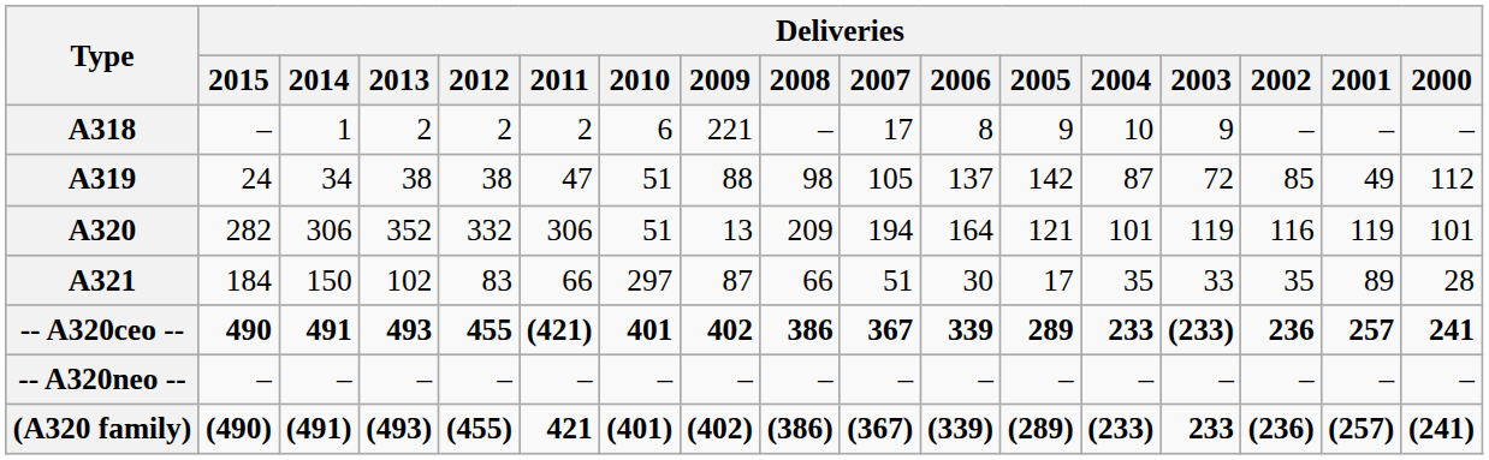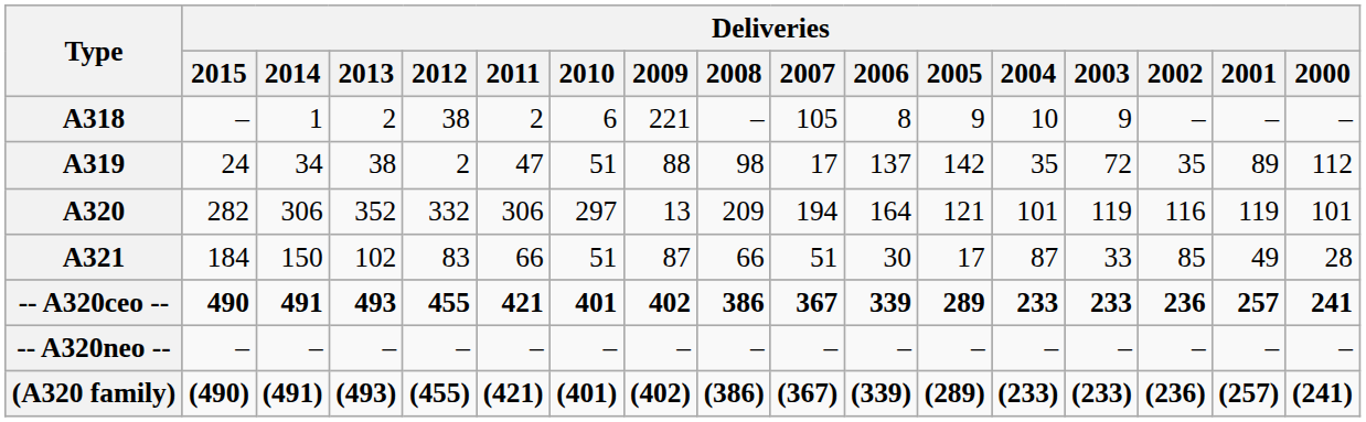 <table class="wikitable" style="text-align:right; font-size:96%;">
 <tr>
 <th rowspan=2>Type</th>
 <th colspan="35">Deliveries</th>
 </tr>
 <tr>
 <th>2015</th>
 <th>2014</th>
 <th>2013</th>
 <th>2012</th>
 <th>2011</th>
 <th>2010</th>
 <th>2009</th>
 <th>2008</th>
 <th>2007</th>
 <th>2006</th>
 <th>2005</th>
 <th>2004</th>
 <th>2003</th>
 <th>2002</th>
 <th>2001</th>
 <th>2000</th>
 </tr>
 <tr>
 <th>A318</th>
 <td>–</td>
 <td>1</td>
 <td>2</td>
-<td>2</td>
+<td>38</td>
 <td>2</td>
 <td>6</td>
 <td>221</td>
 <td>–</td>
-<td>17</td>
+<td>105</td>
 <td>8</td>
 <td>9</td>
 <td>10</td>
 <td>9</td>
 <td>–</td>
 <td>–</td>
 <td –>–</td>
 </tr>
 <tr>
 <th>A319</th>
 <td>24</td>
 <td>34</td>
 <td>38</td>
-<td>38</td>
+<td>2</td>
 <td>47</td>
 <td>51</td>
 <td>88</td>
 <td>98</td>
-<td>105</td>
+<td>17</td>
 <td>137</td>
 <td>142</td>
-<td>87</td>
+<td>35</td>
 <td>72</td>
-<td>85</td>
-<td>49</td>
+<td>35</td>
+<td>89</td>
 <td>112</td>
 </tr>
 <tr>
 <th>A320</th>
 <td>282</td>
 <td>306</td>
 <td>352</td>
 <td>332</td>
 <td>306</td>
-<td>51</td>
+<td>297</td>
 <td>13</td>
 <td>209</td>
 <td>194</td>
 <td>164</td>
 <td>121</td>
 <td>101</td>
 <td>119</td>
 <td>116</td>
 <td>119</td>
 <td>101</td>
 </tr>
 <tr>
 <th>A321</th>
 <td>184</td>
 <td>150</td>
 <td>102</td>
 <td>83</td>
 <td>66</td>
-<td>297</td>
+<td>51</td>
 <td>87</td>
 <td>66</td>
 <td>51</td>
 <td>30</td>
 <td>17</td>
-<td>35</td>
+<td>87</td>
 <td>33</td>
-<td>35</td>
-<td>89</td>
+<td>85</td>
+<td>49</td>
 <td>28</td>
 </tr>
 <tr>
 <th>-- A320ceo --</th>
 <td><strong>490</strong></td>
 <td><strong>491</strong></td>
 <td><strong>493</strong></td>
 <td><strong>455</strong></td>
-<td><strong>(421)</strong></td>
+<td><strong>421</strong></td>
 <td><strong>401</strong></td>
 <td><strong>402</strong></td>
 <td><strong>386</strong></td>
 <td><strong>367</strong></td>
 <td><strong>339</strong></td>
 <td><strong>289</strong></td>
 <td><strong>233</strong></td>
-<td><strong>(233)</strong></td>
+<td><strong>233</strong></td>
 <td><strong>236</strong></td>
 <td><strong>257</strong></td>
 <td><strong>241</strong></td>
 </tr>
 <tr>
 <th>-- A320neo --</th>
 <td>–</td>
 <td>–</td>
 <td>–</td>
 <td>–</td>
 <td>–</td>
 <td>–</td>
 <td>–</td>
 <td>–</td>
 <td>–</td>
 <td>–</td>
 <td>–</td>
 <td>–</td>
 <td>–</td>
 <td>–</td>
 <td>–</td>
 <td>–</td>
 </tr>
 <tr>
 <th>(A320 family)</th>
 <td><strong>(490)</strong></td>
 <td><strong>(491)</strong></td>
 <td><strong>(493)</strong></td>
 <td><strong>(455)</strong></td>
-<td><strong>421</strong></td>
+<td><strong>(421)</strong></td>
 <td><strong>(401)</strong></td>
 <td><strong>(402)</strong></td>
 <td><strong>(386)</strong></td>
 <td><strong>(367)</strong></td>
 <td><strong>(339)</strong></td>
 <td><strong>(289)</strong></td>
 <td><strong>(233)</strong></td>
-<td><strong>233</strong></td>
+<td><strong>(233)</strong></td>
 <td><strong>(236)</strong></td>
 <td><strong>(257)</strong></td>
 <td><strong>(241)</strong></td>
 </tr>
 </table>
